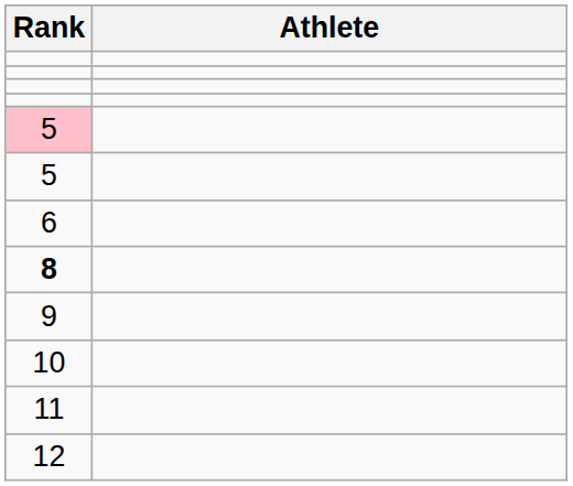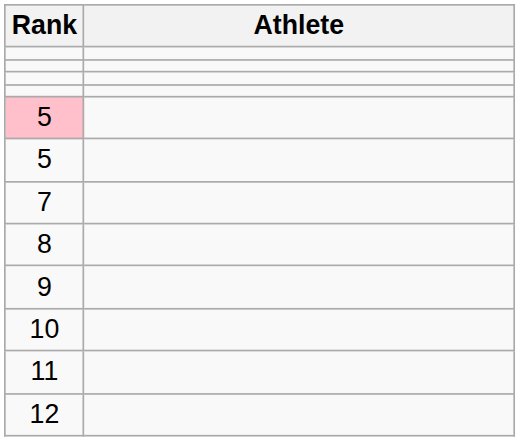 <table class="wikitable" style="text-align: center;">
 <tr>
 <th width=40>Rank</th>
 <th width=250>Athlete</th>
 </tr>
 <tr>
 <td></td>
 <td align="left"></td>
 </tr>
 <tr>
 <td></td>
 <td align="left"></td>
 </tr>
 <tr>
 <td></td>
 <td align="left"></td>
 </tr>
 <tr>
 <td></td>
 <td align="left"></td>
 </tr>
 <tr>
 <td style="background: pink;">5</td>
 <td align="left"></td>
 </tr>
 <tr>
 <td>5</td>
 <td align="left"></td>
 </tr>
 <tr>
-<td>6</td>
+<td>7</td>
 <td align="left"></td>
 </tr>
 <tr>
-<td><strong>8</strong></td>
+<td>8</td>
 <td align="left"></td>
 </tr>
 <tr>
 <td>9</td>
 <td align="left"></td>
 </tr>
 <tr>
 <td>10</td>
 <td align="left"></td>
 </tr>
 <tr>
 <td>11</td>
 <td align="left"></td>
 </tr>
 <tr>
 <td>12</td>
 <td align="left"></td>
 </tr>
 </table>
